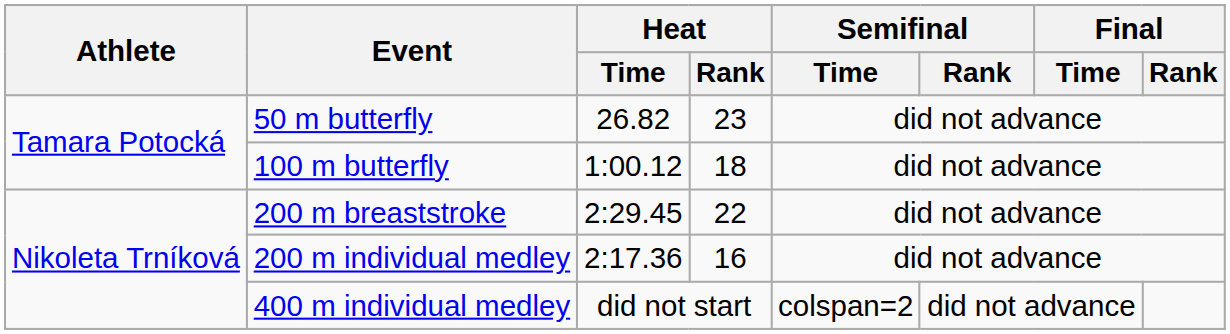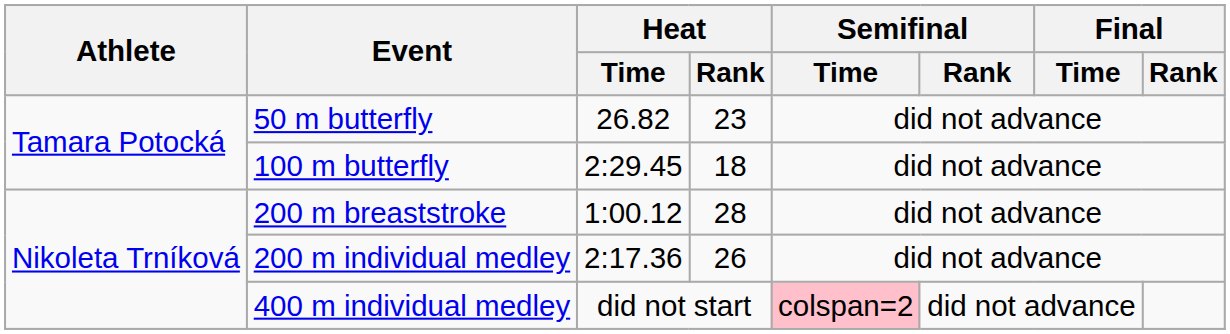 <table class=wikitable style="font-size:90%">
 <tr>
 <th rowspan="2">Athlete</th>
 <th rowspan="2">Event</th>
 <th colspan="2">Heat</th>
 <th colspan="2">Semifinal</th>
 <th colspan="2">Final</th>
 </tr>
 <tr style="font-size:95%">
 <th>Time</th>
 <th>Rank</th>
 <th>Time</th>
 <th>Rank</th>
 <th>Time</th>
 <th>Rank</th>
 </tr>
 <tr style="text-align:center">
 <td style="text-align:left" rowspan=2><a href='#'>Tamara Potocká</a></td>
 <td style="text-align:left"><a href='#'>50 m butterfly</a></td>
 <td>26.82</td>
 <td>23</td>
 <td colspan=4>did not advance</td>
 </tr>
 <tr style="text-align:center">
 <td style="text-align:left"><a href='#'>100 m butterfly</a></td>
-<td>1:00.12</td>
+<td>2:29.45</td>
 <td>18</td>
 <td colspan=4>did not advance</td>
 </tr>
 <tr style="text-align:center">
 <td style="text-align:left" rowspan=3><a href='#'>Nikoleta Trníková</a></td>
 <td style="text-align:left"><a href='#'>200 m breaststroke</a></td>
-<td>2:29.45</td>
-<td>22</td>
+<td>1:00.12</td>
+<td>28</td>
 <td colspan=4>did not advance</td>
 </tr>
 <tr style="text-align:center">
 <td style="text-align:left"><a href='#'>200 m individual medley</a></td>
 <td>2:17.36</td>
-<td>16</td>
+<td>26</td>
 <td colspan=4>did not advance</td>
 </tr>
 <tr style="text-align:center">
 <td style="text-align:left"><a href='#'>400 m individual medley</a></td>
 <td colspan=2>did not start</td>
-<td>colspan=2</td>
+<td style="background: pink;">colspan=2</td>
 <td colspan=2>did not advance</td>
 </tr>
 </table>
